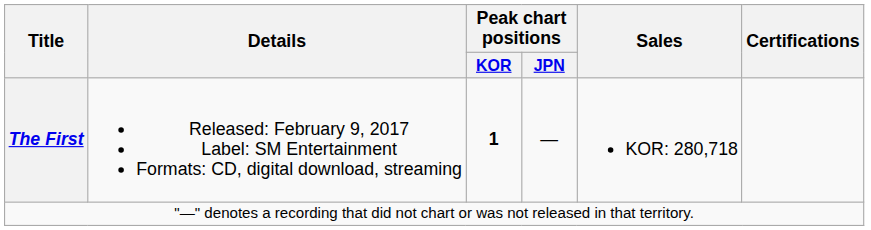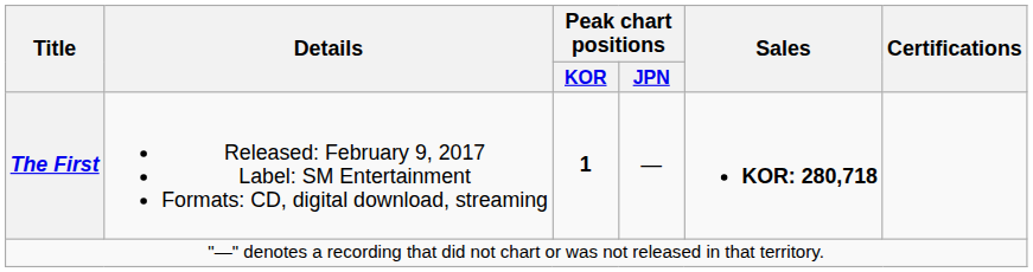 <table class="wikitable plainrowheaders" style="text-align:center">
 <tr>
 <th scope="col" rowspan="2">Title</th>
 <th scope="col" rowspan="2">Details</th>
 <th scope="col" colspan="2">Peak chart positions</th>
 <th scope="col" rowspan="2">Sales</th>
 <th scope="col" rowspan="2">Certifications</th>
 </tr>
 <tr>
 <th scope="col" style="width:3em;font-size:90%"><a href='#'>KOR</a><br></th>
 <th scope="col" style="width:3em;font-size:90%"><a href='#'>JPN</a><br></th>
 </tr>
 <tr>
 <th scope="row"><em><a href='#'>The First</a></em></th>
 <td><br><ul><li>Released: February 9, 2017</li><li>Label: SM Entertainment</li><li>Formats: CD, digital download, streaming</li></ul></td>
 <td><strong>1</strong></td>
 <td>—</td>
-<td><br><ul><li>KOR: 280,718</li></ul></td>
+<td><strong><br><ul><li>KOR: 280,718</li></ul></strong></td>
 <td></td>
 </tr>
 <tr>
 <td colspan="6" style="font-size:85%">"—" denotes a recording that did not chart or was not released in that territory.</td>
 </tr>
 </table>
